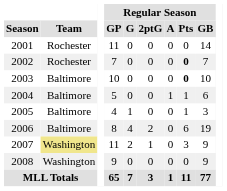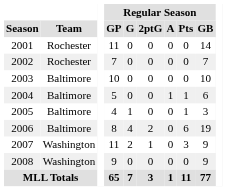 <table BORDER="0" CELLPADDING="3" CELLSPACING="0">
 <tr ALIGN="center" bgcolor="#e0e0e0">
 <th colspan="2" bgcolor="#ffffff"> </th>
 <th rowspan="99" bgcolor="#ffffff"> </th>
 <th colspan="6">Regular Season</th>
 <th rowspan="99" bgcolor="#ffffff"> </th>
 </tr>
 <tr ALIGN="center" bgcolor="#e0e0e0">
 <th>Season</th>
 <th>Team</th>
 <th>GP</th>
 <th>G</th>
 <th>2ptG</th>
 <th>A</th>
 <th>Pts</th>
 <th>GB</th>
 </tr>
 <tr ALIGN="center">
 <td>2001</td>
 <td>Rochester</td>
 <td>11</td>
 <td>0</td>
 <td>0</td>
 <td>0</td>
 <td>0</td>
 <td>14</td>
 </tr>
 <tr ALIGN="center" bgcolor="#f0f0f0">
 <td>2002</td>
 <td>Rochester</td>
 <td>7</td>
 <td>0</td>
 <td>0</td>
 <td>0</td>
-<td><strong>0</strong></td>
+<td>0</td>
 <td>7</td>
 </tr>
 <tr ALIGN="center">
 <td>2003</td>
 <td>Baltimore</td>
 <td>10</td>
 <td>0</td>
 <td>0</td>
 <td>0</td>
-<td><strong>0</strong></td>
+<td>0</td>
 <td>10</td>
 </tr>
 <tr ALIGN="center" bgcolor="#f0f0f0">
 <td>2004</td>
 <td>Baltimore</td>
 <td>5</td>
 <td>0</td>
 <td>0</td>
 <td>1</td>
 <td>1</td>
 <td>6</td>
 </tr>
 <tr ALIGN="center">
 <td>2005</td>
 <td>Baltimore</td>
 <td>4</td>
 <td>1</td>
 <td>0</td>
 <td>0</td>
 <td>1</td>
 <td>3</td>
 </tr>
 <tr ALIGN="center" bgcolor="#f0f0f0">
 <td>2006</td>
 <td>Baltimore</td>
 <td>8</td>
 <td>4</td>
 <td>2</td>
 <td>0</td>
 <td>6</td>
 <td>19</td>
 </tr>
 <tr ALIGN="center">
 <td>2007</td>
-<td style="background: khaki;">Washington</td>
+<td>Washington</td>
 <td>11</td>
 <td>2</td>
 <td>1</td>
 <td>0</td>
 <td>3</td>
 <td>9</td>
 </tr>
 <tr ALIGN="center" bgcolor="#f0f0f0">
 <td>2008</td>
 <td>Washington</td>
 <td>9</td>
 <td>0</td>
 <td>0</td>
 <td>0</td>
 <td>0</td>
 <td>9</td>
 </tr>
 <tr ALIGN="center" bgcolor="#e0e0e0">
 <th colspan="2">MLL Totals</th>
 <th>65</th>
 <th>7</th>
 <th>3</th>
 <th>1</th>
 <th>11</th>
 <th>77</th>
 </tr>
 </table>
